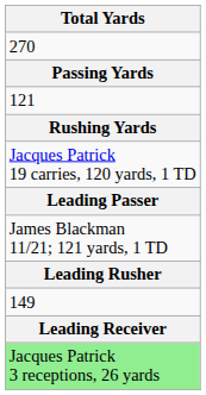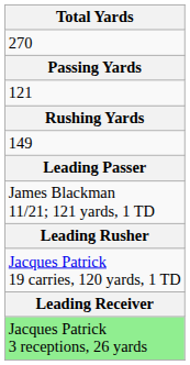 <table class="wikitable">
 <tr>
 <th>Total Yards</th>
 </tr>
 <tr>
 <td>270</td>
 </tr>
 <tr>
 <th>Passing Yards</th>
 </tr>
 <tr>
 <td>121</td>
 </tr>
 <tr>
 <th>Rushing Yards</th>
 </tr>
 <tr>
-<td><a href='#'>Jacques Patrick</a><br>19 carries, 120 yards, 1 TD</td>
+<td>149</td>
 </tr>
 <tr>
 <th>Leading Passer</th>
 </tr>
 <tr>
 <td>James Blackman<br>11/21; 121 yards, 1 TD</td>
 </tr>
 <tr>
 <th>Leading Rusher</th>
 </tr>
 <tr>
-<td>149</td>
+<td><a href='#'>Jacques Patrick</a><br>19 carries, 120 yards, 1 TD</td>
 </tr>
 <tr>
 <th>Leading Receiver</th>
 </tr>
 <tr>
 <td style="background: lightgreen;">Jacques Patrick<br>3 receptions, 26 yards</td>
 </tr>
 </table>
